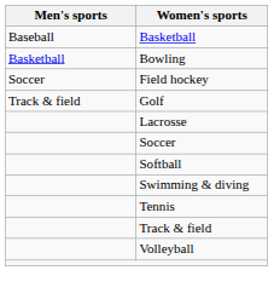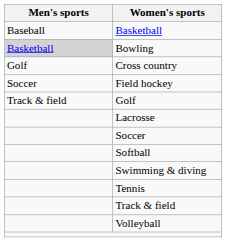 <table class="wikitable"; style= "text-align: ">
 <tr>
 <th width=150px>Men's sports</th>
 <th width=150px>Women's sports</th>
 </tr>
 <tr>
 <td>Baseball</td>
 <td><a href='#'>Basketball</a></td>
 </tr>
 <tr>
-<td><a href='#'>Basketball</a></td>
+<td style="background: lightgrey;"><a href='#'>Basketball</a></td>
 <td>Bowling</td>
+</tr>
+<tr>
+<td>Golf</td>
+<td>Cross country</td>
 </tr>
 <tr>
 <td>Soccer</td>
 <td>Field hockey</td>
 </tr>
 <tr>
 <td>Track & field</td>
 <td>Golf</td>
 </tr>
 <tr>
 <td></td>
 <td>Lacrosse</td>
 </tr>
 <tr>
 <td></td>
 <td>Soccer</td>
 </tr>
 <tr>
 <td></td>
 <td>Softball</td>
 </tr>
 <tr>
 <td></td>
 <td>Swimming & diving</td>
 </tr>
 <tr>
 <td></td>
 <td>Tennis</td>
 </tr>
 <tr>
 <td></td>
 <td>Track & field</td>
 </tr>
 <tr>
 <td></td>
 <td>Volleyball</td>
 </tr>
 <tr>
 <td colspan="2"></td>
 </tr>
 </table>
